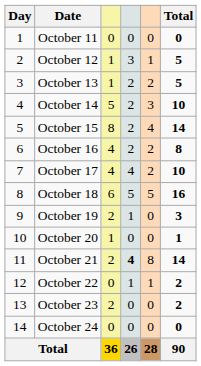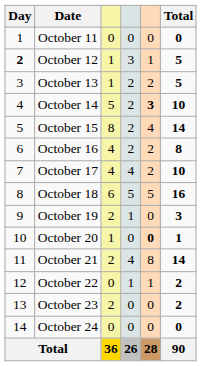 <table class=wikitable style=font-size:85%;float:right;text-align:center>
 <tr>
 <th>Day</th>
 <th>Date</th>
 <td bgcolor=F7F6A8></td>
 <td bgcolor=DCE5E5></td>
 <td bgcolor=FFDAB9></td>
 <th>Total</th>
 </tr>
 <tr>
 <td>1</td>
 <td>October 11</td>
 <td bgcolor=F7F6A8>0</td>
 <td bgcolor=DCE5E5>0</td>
 <td bgcolor=FFDAB9>0</td>
 <td><strong>0</strong></td>
 </tr>
 <tr>
-<td>2</td>
+<td><strong>2</strong></td>
 <td>October 12</td>
 <td bgcolor=F7F6A8>1</td>
 <td bgcolor=DCE5E5>3</td>
 <td bgcolor=FFDAB9>1</td>
 <td><strong>5</strong></td>
 </tr>
 <tr>
 <td>3</td>
 <td>October 13</td>
 <td bgcolor=F7F6A8>1</td>
 <td bgcolor=DCE5E5>2</td>
 <td bgcolor=FFDAB9>2</td>
 <td><strong>5</strong></td>
 </tr>
 <tr>
 <td>4</td>
 <td>October 14</td>
 <td bgcolor=F7F6A8>5</td>
 <td bgcolor=DCE5E5>2</td>
-<td bgcolor=FFDAB9>3</td>
+<td bgcolor=FFDAB9><strong>3</strong></td>
 <td><strong>10</strong></td>
 </tr>
 <tr>
 <td>5</td>
 <td>October 15</td>
 <td bgcolor=F7F6A8>8</td>
 <td bgcolor=DCE5E5>2</td>
 <td bgcolor=FFDAB9>4</td>
 <td><strong>14</strong></td>
 </tr>
 <tr>
 <td>6</td>
 <td>October 16</td>
 <td bgcolor=F7F6A8>4</td>
 <td bgcolor=DCE5E5>2</td>
 <td bgcolor=FFDAB9>2</td>
 <td><strong>8</strong></td>
 </tr>
 <tr>
 <td>7</td>
 <td>October 17</td>
 <td bgcolor=F7F6A8>4</td>
 <td bgcolor=DCE5E5>4</td>
 <td bgcolor=FFDAB9>2</td>
 <td><strong>10</strong></td>
 </tr>
 <tr>
 <td>8</td>
 <td>October 18</td>
 <td bgcolor=F7F6A8>6</td>
 <td bgcolor=DCE5E5>5</td>
 <td bgcolor=FFDAB9>5</td>
 <td><strong>16</strong></td>
 </tr>
 <tr>
 <td>9</td>
 <td>October 19</td>
 <td bgcolor=F7F6A8>2</td>
 <td bgcolor=DCE5E5>1</td>
 <td bgcolor=FFDAB9>0</td>
 <td><strong>3</strong></td>
 </tr>
 <tr>
 <td>10</td>
 <td>October 20</td>
 <td bgcolor=F7F6A8>1</td>
 <td bgcolor=DCE5E5>0</td>
-<td bgcolor=FFDAB9>0</td>
+<td bgcolor=FFDAB9><strong>0</strong></td>
 <td><strong>1</strong></td>
 </tr>
 <tr>
 <td>11</td>
 <td>October 21</td>
 <td bgcolor=F7F6A8>2</td>
-<td bgcolor=DCE5E5><strong>4</strong></td>
+<td bgcolor=DCE5E5>4</td>
 <td bgcolor=FFDAB9>8</td>
 <td><strong>14</strong></td>
 </tr>
 <tr>
 <td>12</td>
 <td>October 22</td>
 <td bgcolor=F7F6A8>0</td>
 <td bgcolor=DCE5E5>1</td>
 <td bgcolor=FFDAB9>1</td>
 <td><strong>2</strong></td>
 </tr>
 <tr>
 <td>13</td>
 <td>October 23</td>
 <td bgcolor=F7F6A8>2</td>
 <td bgcolor=DCE5E5>0</td>
 <td bgcolor=FFDAB9>0</td>
 <td><strong>2</strong></td>
 </tr>
 <tr>
 <td>14</td>
 <td>October 24</td>
 <td bgcolor=F7F6A8>0</td>
 <td bgcolor=DCE5E5>0</td>
 <td bgcolor=FFDAB9>0</td>
 <td><strong>0</strong></td>
 </tr>
 <tr>
 <th colspan=2>Total</th>
 <th style=background:gold>36</th>
 <th style=background:silver>26</th>
 <th style=background:#c96>28</th>
 <th>90</th>
 </tr>
 </table>
